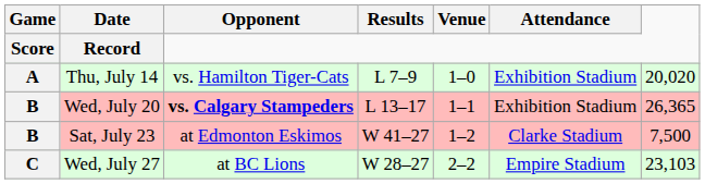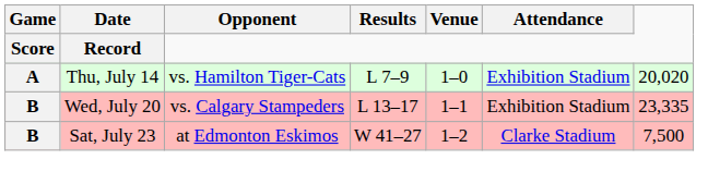 <table class="wikitable" style="text-align:center">
 <tr>
 <th>Game</th>
 <th>Date</th>
 <th>Opponent</th>
 <th>Results</th>
 <th>Venue</th>
 <th>Attendance</th>
 </tr>
 <tr>
 <th>Score</th>
 <th>Record</th>
 </tr>
 <tr style="background:#ddffdd">
 <th>A</th>
 <td>Thu, July 14</td>
 <td>vs. <a href='#'>Hamilton Tiger-Cats</a></td>
 <td>L 7–9</td>
 <td>1–0</td>
 <td><a href='#'>Exhibition Stadium</a></td>
 <td>20,020</td>
 </tr>
 <tr style="background:#ffbbbb">
 <th>B</th>
 <td>Wed, July 20</td>
-<td><strong>vs. <a href='#'>Calgary Stampeders</a></strong></td>
+<td>vs. <a href='#'>Calgary Stampeders</a></td>
 <td>L 13–17</td>
 <td>1–1</td>
 <td>Exhibition Stadium</td>
-<td>26,365</td>
+<td>23,335</td>
 </tr>
 <tr style="background:#ffbbbb">
 <th>B</th>
 <td>Sat, July 23</td>
 <td>at <a href='#'>Edmonton Eskimos</a></td>
 <td>W 41–27</td>
 <td>1–2</td>
 <td><a href='#'>Clarke Stadium</a></td>
 <td>7,500</td>
 </tr>
-<tr style="background:#ddffdd">
-<th>C</th>
-<td>Wed, July 27</td>
-<td>at <a href='#'>BC Lions</a></td>
-<td>W 28–27</td>
-<td>2–2</td>
-<td><a href='#'>Empire Stadium</a></td>
-<td>23,103</td>
-</tr>
 </table>
